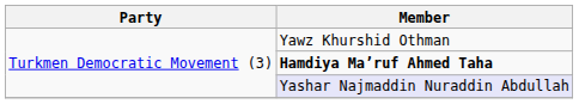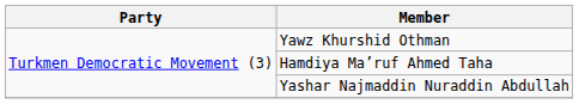 <table class=wikitable>
 <tr>
 <th>Party</th>
 <th>Member</th>
 </tr>
 <tr>
 <td rowspan=3><a href='#'>Turkmen Democratic Movement</a> (3)</td>
 <td>Yawz Khurshid Othman</td>
 </tr>
 <tr>
-<td><strong>Hamdiya Ma’ruf Ahmed Taha</strong></td>
+<td>Hamdiya Ma’ruf Ahmed Taha</td>
 </tr>
 <tr>
-<td style="background: lavender;">Yashar Najmaddin Nuraddin Abdullah</td>
+<td>Yashar Najmaddin Nuraddin Abdullah</td>
 </tr>
 <tr>
 </tr>
 </table>
